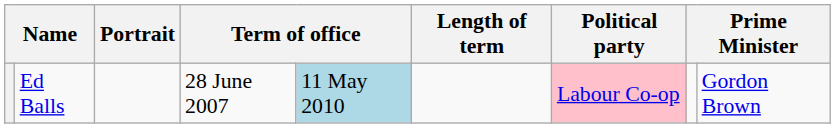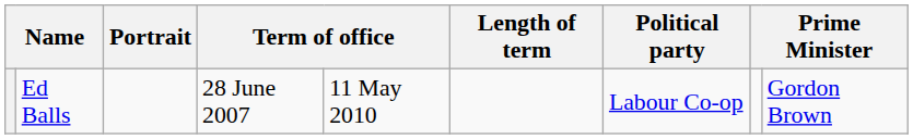 <table class="wikitable">
 <tr>
 <th colspan=2>Name</th>
 <th>Portrait</th>
 <th colspan=2>Term of office</th>
 <th>Length of term</th>
 <th>Political party</th>
 <th colspan=2>Prime Minister</th>
 </tr>
 <tr>
 <th style="background-color: "></th>
 <td><a href='#'>Ed Balls</a></td>
 <td></td>
 <td>28 June 2007</td>
-<td style="background: lightblue;">11 May 2010</td>
+<td>11 May 2010</td>
 <td></td>
-<td style="background: pink;"><a href='#'>Labour Co-op</a></td>
+<td><a href='#'>Labour Co-op</a></td>
 <td style="background-color: "></td>
 <td><a href='#'>Gordon Brown</a></td>
 </tr>
 </table>
